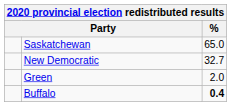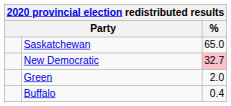 <table class="wikitable">
 <tr>
 <th colspan="4"><a href='#'>2020 provincial election</a> redistributed results</th>
 </tr>
 <tr>
 <th bgcolor="#DDDDFF" width="130px" colspan="2">Party</th>
 <th bgcolor="#DDDDFF" width="30px">%</th>
 </tr>
 <tr>
 <td> </td>
 <td><a href='#'>Saskatchewan</a></td>
 <td align=right>65.0</td>
 </tr>
 <tr>
 <td> </td>
 <td><a href='#'>New Democratic</a></td>
-<td align=right>32.7</td>
+<td align=right style="background: pink;">32.7</td>
 </tr>
 <tr>
 <td> </td>
 <td><a href='#'>Green</a></td>
 <td align=right>2.0</td>
 </tr>
 <tr>
 <td> </td>
 <td><a href='#'>Buffalo</a></td>
-<td align=right><strong>0.4</strong></td>
+<td align=right>0.4</td>
 </tr>
 </table>
